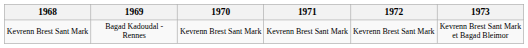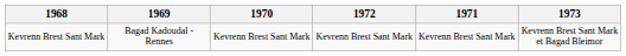 <table class="wikitable centre" width="800px" style="text-align:center;font-size:0.9em;table-layout:fixed;">
 <tr>
 <th scope="col">1968</th>
 <th scope="col">1969</th>
 <th scope="col">1970</th>
+<th scope="col">1972</th>
 <th scope="col">1971</th>
-<th scope="col">1972</th>
 <th scope="col">1973</th>
 </tr>
 <tr style="font-size:0.85em;">
 <td>Kevrenn Brest Sant Mark</td>
 <td>Bagad Kadoudal - Rennes</td>
 <td>Kevrenn Brest Sant Mark</td>
 <td>Kevrenn Brest Sant Mark</td>
 <td>Kevrenn Brest Sant Mark</td>
 <td>Kevrenn Brest Sant Mark et Bagad Bleimor</td>
 </tr>
 </table>
